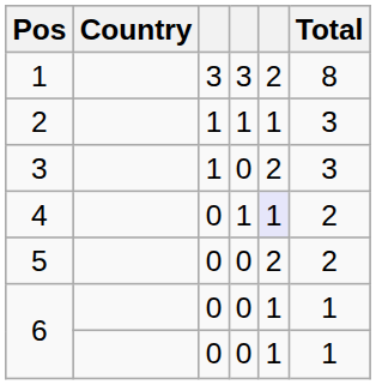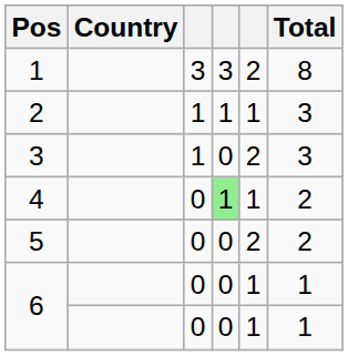 <table class=wikitable style="font-size:95%; text-align: center">
 <tr>
 <th>Pos</th>
 <th>Country</th>
 <th></th>
 <th></th>
 <th></th>
 <th>Total</th>
 </tr>
 <tr>
 <td>1</td>
 <td style="text-align:left"></td>
 <td>3</td>
 <td>3</td>
 <td>2</td>
 <td>8</td>
 </tr>
 <tr>
 <td>2</td>
 <td style="text-align:left"></td>
 <td>1</td>
 <td>1</td>
 <td>1</td>
 <td>3</td>
 </tr>
 <tr>
 <td>3</td>
 <td style="text-align:left"></td>
 <td>1</td>
 <td>0</td>
 <td>2</td>
 <td>3</td>
 </tr>
 <tr>
 <td>4</td>
 <td style="text-align:left"></td>
 <td>0</td>
+<td style="background: lightgreen;">1</td>
 <td>1</td>
-<td style="background: lavender;">1</td>
 <td>2</td>
 </tr>
 <tr>
 <td>5</td>
 <td style="text-align:left"></td>
 <td>0</td>
 <td>0</td>
 <td>2</td>
 <td>2</td>
 </tr>
 <tr>
 <td rowspan=2>6</td>
 <td style=text-align:left></td>
 <td>0</td>
 <td>0</td>
 <td>1</td>
 <td>1</td>
 </tr>
 <tr>
 <td style=text-align:left></td>
 <td>0</td>
 <td>0</td>
 <td>1</td>
 <td>1</td>
 </tr>
 </table>
